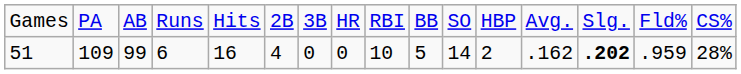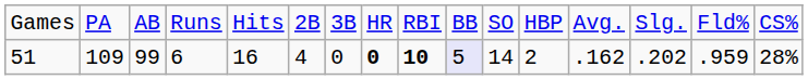 <table class="wikitable">
 <tr>
 <td>Games</td>
 <td><a href='#'>PA</a></td>
 <td><a href='#'>AB</a></td>
 <td><a href='#'>Runs</a></td>
 <td><a href='#'>Hits</a></td>
 <td><a href='#'>2B</a></td>
 <td><a href='#'>3B</a></td>
 <td><a href='#'>HR</a></td>
 <td><a href='#'>RBI</a></td>
 <td><a href='#'>BB</a></td>
 <td><a href='#'>SO</a></td>
 <td><a href='#'>HBP</a></td>
 <td><a href='#'>Avg.</a></td>
 <td><a href='#'>Slg.</a></td>
 <td><a href='#'>Fld%</a></td>
 <td><a href='#'>CS%</a></td>
 </tr>
 <tr>
 <td>51</td>
 <td>109</td>
 <td>99</td>
 <td>6</td>
 <td>16</td>
 <td>4</td>
 <td>0</td>
-<td>0</td>
-<td>10</td>
-<td>5</td>
+<td><strong>0</strong></td>
+<td><strong>10</strong></td>
+<td style="background: lavender;">5</td>
 <td>14</td>
 <td>2</td>
 <td>.162</td>
-<td><strong>.202</strong></td>
+<td>.202</td>
 <td>.959</td>
 <td>28%</td>
 </tr>
 </table>
